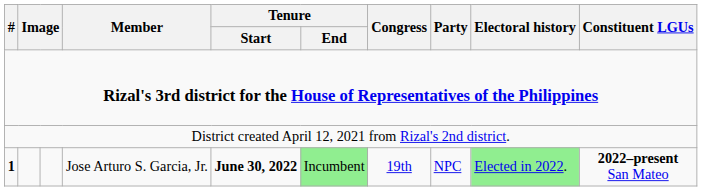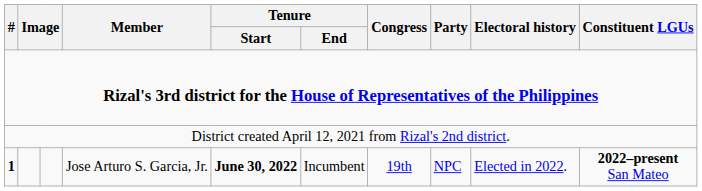 <table class="wikitable">
 <tr>
 <th rowspan="2">#</th>
 <th rowspan=2 colspan=2>Image</th>
 <th rowspan="2">Member</th>
 <th colspan="2">Tenure</th>
 <th rowspan="2">Congress</th>
 <th rowspan="2">Party</th>
 <th rowspan="2">Electoral history</th>
 <th rowspan="2">Constituent <a href='#'>LGUs</a></th>
 </tr>
 <tr>
 <th>Start</th>
 <th>End</th>
 </tr>
 <tr>
 <td colspan="10" style="text-align:center;"><br><h3>Rizal's 3rd district for the <a href='#'>House of Representatives of the Philippines</a></h3></td>
 </tr>
 <tr>
 <td colspan="10" style="text-align:center;">District created April 12, 2021 from <a href='#'>Rizal's 2nd district</a>.</td>
 </tr>
 <tr>
 <td><strong>1</strong></td>
 <td style="color:inherit;background:"></td>
 <td></td>
 <td>Jose Arturo S. Garcia, Jr.</td>
 <td><strong>June 30, 2022</strong></td>
-<td style="background: lightgreen;">Incumbent</td>
+<td>Incumbent</td>
 <td style="text-align:center;"><a href='#'>19th</a></td>
 <td><a href='#'>NPC</a></td>
-<td style="background: lightgreen;"><a href='#'>Elected in 2022</a>.</td>
+<td><a href='#'>Elected in 2022</a>.</td>
 <td style="text-align:center;"><strong>2022–present</strong><br><a href='#'>San Mateo</a></td>
 </tr>
 </table>
